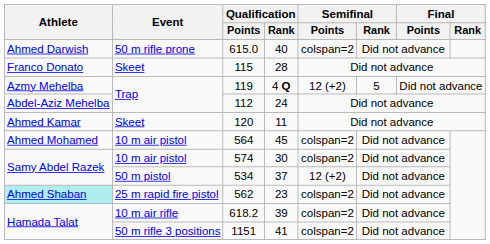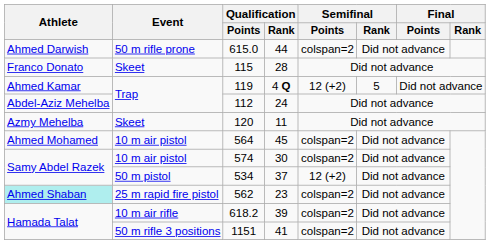 <table class="wikitable" style="font-size:90%">
 <tr>
 <th rowspan="2">Athlete</th>
 <th rowspan="2">Event</th>
 <th colspan=2>Qualification</th>
 <th colspan=2>Semifinal</th>
 <th colspan=2>Final</th>
 </tr>
 <tr style="font-size:95%">
 <th>Points</th>
 <th>Rank</th>
 <th>Points</th>
 <th>Rank</th>
 <th>Points</th>
 <th>Rank</th>
 </tr>
 <tr align=center>
 <td align=left><a href='#'>Ahmed Darwish</a></td>
 <td align=left><a href='#'>50 m rifle prone</a></td>
 <td>615.0</td>
-<td>40</td>
+<td>44</td>
 <td>colspan=2 </td>
 <td colspan=2>Did not advance</td>
 </tr>
 <tr align=center>
 <td align=left><a href='#'>Franco Donato</a></td>
 <td align=left><a href='#'>Skeet</a></td>
 <td>115</td>
 <td>28</td>
 <td colspan=4>Did not advance</td>
 </tr>
 <tr align="center">
-<td align=left><a href='#'>Azmy Mehelba</a></td>
+<td align=left><a href='#'>Ahmed Kamar</a></td>
 <td align=left rowspan=2><a href='#'>Trap</a></td>
 <td>119</td>
 <td>4 <strong>Q</strong></td>
 <td>12 (+2)</td>
 <td>5</td>
 <td colspan=2>Did not advance</td>
 </tr>
 <tr align="center">
 <td align=left><a href='#'>Abdel-Aziz Mehelba</a></td>
 <td>112</td>
 <td>24</td>
 <td colspan=4>Did not advance</td>
 </tr>
 <tr align=center>
-<td align=left><a href='#'>Ahmed Kamar</a></td>
+<td align=left><a href='#'>Azmy Mehelba</a></td>
 <td align=left><a href='#'>Skeet</a></td>
 <td>120</td>
 <td>11</td>
 <td colspan=4>Did not advance</td>
 </tr>
 <tr align=center>
 <td align=left><a href='#'>Ahmed Mohamed</a></td>
 <td align=left><a href='#'>10 m air pistol</a></td>
 <td>564</td>
 <td>45</td>
 <td>colspan=2 </td>
 <td colspan=2>Did not advance</td>
 </tr>
 <tr align=center>
 <td align=left rowspan=2><a href='#'>Samy Abdel Razek</a></td>
 <td align=left><a href='#'>10 m air pistol</a></td>
 <td>574</td>
 <td>30</td>
 <td>colspan=2 </td>
 <td colspan=2>Did not advance</td>
 </tr>
 <tr align=center>
 <td align=left><a href='#'>50 m pistol</a></td>
 <td>534</td>
 <td>37</td>
 <td>12 (+2)</td>
 <td colspan=2>Did not advance</td>
 </tr>
 <tr align=center>
 <td align=left style="background: paleturquoise;"><a href='#'>Ahmed Shaban</a></td>
 <td align=left><a href='#'>25 m rapid fire pistol</a></td>
 <td>562</td>
 <td>23</td>
 <td>colspan=2 </td>
 <td colspan=2>Did not advance</td>
 </tr>
 <tr align=center>
 <td align=left rowspan=2><a href='#'>Hamada Talat</a></td>
 <td align=left><a href='#'>10 m air rifle</a></td>
 <td>618.2</td>
 <td>39</td>
 <td>colspan=2 </td>
 <td colspan=2>Did not advance</td>
 </tr>
 <tr align=center>
 <td align=left><a href='#'>50 m rifle 3 positions</a></td>
 <td>1151</td>
 <td>41</td>
 <td>colspan=2 </td>
 <td colspan=2>Did not advance</td>
 </tr>
 </table>
